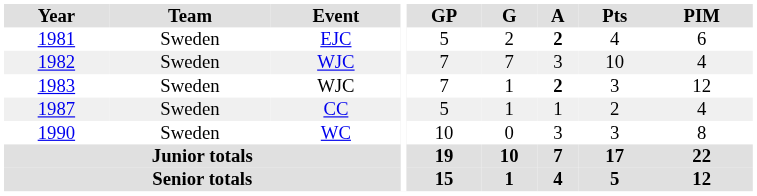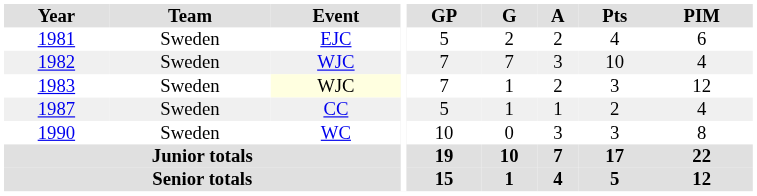 <table border="0" cellpadding="1" cellspacing="0" ID="Table3" style="text-align:center; width:40em">
 <tr bgcolor="#e0e0e0">
 <th>Year</th>
 <th>Team</th>
 <th>Event</th>
 <th rowspan="102" bgcolor="#ffffff"></th>
 <th>GP</th>
 <th>G</th>
 <th>A</th>
 <th>Pts</th>
 <th>PIM</th>
 </tr>
 <tr>
 <td><a href='#'>1981</a></td>
 <td>Sweden</td>
 <td><a href='#'>EJC</a></td>
 <td>5</td>
 <td>2</td>
-<td><strong>2</strong></td>
+<td>2</td>
 <td>4</td>
 <td>6</td>
 </tr>
 <tr bgcolor="#f0f0f0">
 <td><a href='#'>1982</a></td>
 <td>Sweden</td>
 <td><a href='#'>WJC</a></td>
 <td>7</td>
 <td>7</td>
 <td>3</td>
 <td>10</td>
 <td>4</td>
 </tr>
 <tr>
 <td><a href='#'>1983</a></td>
 <td>Sweden</td>
-<td>WJC</td>
+<td style="background: lightyellow;">WJC</td>
 <td>7</td>
 <td>1</td>
-<td><strong>2</strong></td>
+<td>2</td>
 <td>3</td>
 <td>12</td>
 </tr>
 <tr bgcolor="#f0f0f0">
 <td><a href='#'>1987</a></td>
 <td>Sweden</td>
 <td><a href='#'>CC</a></td>
 <td>5</td>
 <td>1</td>
 <td>1</td>
 <td>2</td>
 <td>4</td>
 </tr>
 <tr>
 <td><a href='#'>1990</a></td>
 <td>Sweden</td>
 <td><a href='#'>WC</a></td>
 <td>10</td>
 <td>0</td>
 <td>3</td>
 <td>3</td>
 <td>8</td>
 </tr>
 <tr bgcolor="#e0e0e0">
 <th colspan="3">Junior totals</th>
 <th>19</th>
 <th>10</th>
 <th>7</th>
 <th>17</th>
 <th>22</th>
 </tr>
 <tr bgcolor="#e0e0e0">
 <th colspan="3">Senior totals</th>
 <th>15</th>
 <th>1</th>
 <th>4</th>
 <th>5</th>
 <th>12</th>
 </tr>
 </table>
